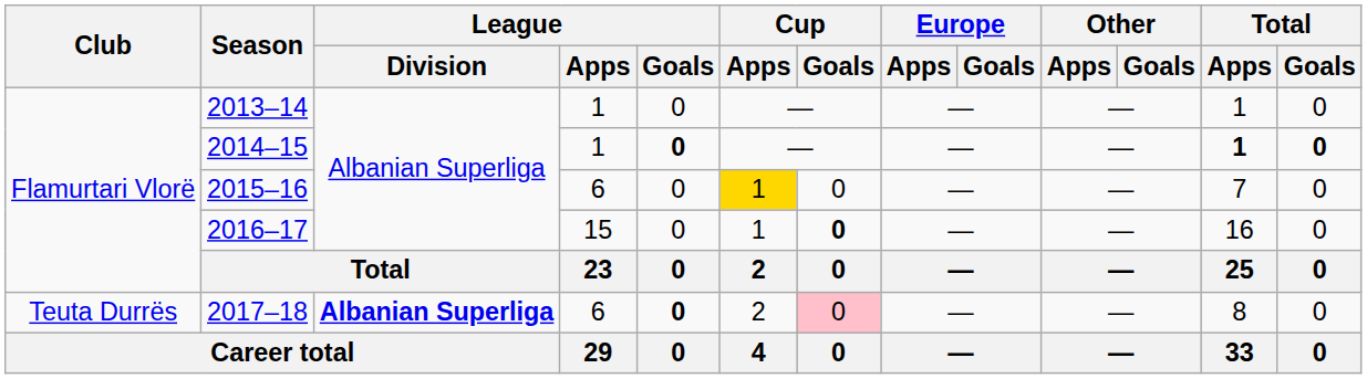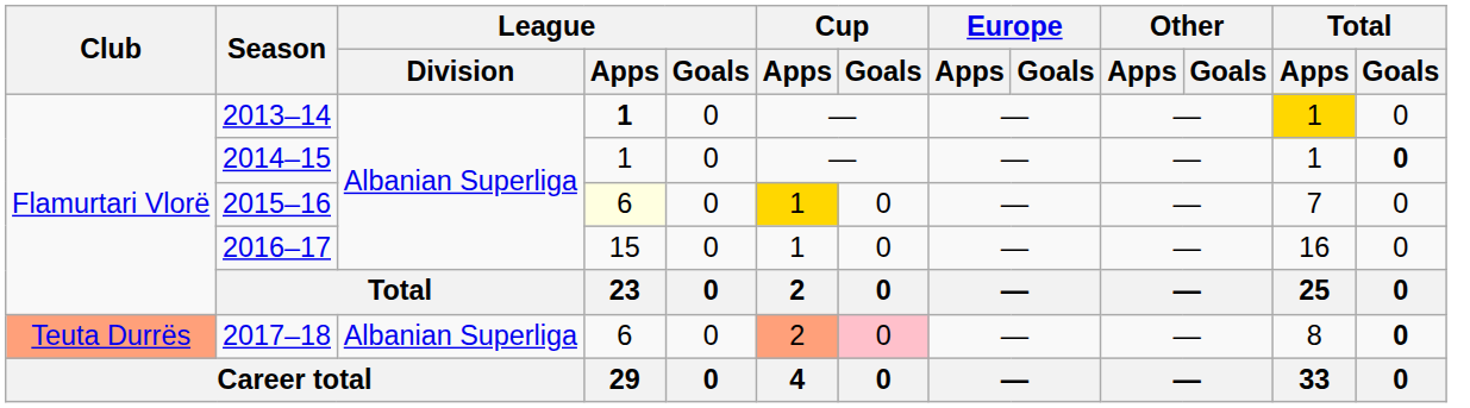 <table class="wikitable" style="text-align:center">
 <tr>
 <th rowspan="2">Club</th>
 <th rowspan="2">Season</th>
 <th colspan="3">League</th>
 <th colspan="2">Cup</th>
 <th colspan="2"><a href='#'>Europe</a></th>
 <th colspan="2">Other</th>
 <th colspan="2">Total</th>
 </tr>
 <tr>
 <th>Division</th>
 <th>Apps</th>
 <th>Goals</th>
 <th>Apps</th>
 <th>Goals</th>
 <th>Apps</th>
 <th>Goals</th>
 <th>Apps</th>
 <th>Goals</th>
 <th>Apps</th>
 <th>Goals</th>
 </tr>
 <tr>
 <td rowspan="5" valign="center"><a href='#'>Flamurtari Vlorë</a></td>
 <td><a href='#'>2013–14</a></td>
 <td rowspan="4"><a href='#'>Albanian Superliga</a></td>
+<td><strong>1</strong></td>
+<td>0</td>
+<td colspan="2">—</td>
+<td colspan="2">—</td>
+<td colspan="2">—</td>
+<td style="background: gold;">1</td>
+<td>0</td>
+</tr>
+<tr>
+<td><a href='#'>2014–15</a></td>
 <td>1</td>
 <td>0</td>
 <td colspan="2">—</td>
 <td colspan="2">—</td>
 <td colspan="2">—</td>
 <td>1</td>
-<td>0</td>
-</tr>
-<tr>
-<td><a href='#'>2014–15</a></td>
-<td>1</td>
-<td><strong>0</strong></td>
-<td colspan="2">—</td>
-<td colspan="2">—</td>
-<td colspan="2">—</td>
-<td><strong>1</strong></td>
 <td><strong>0</strong></td>
 </tr>
 <tr>
 <td><a href='#'>2015–16</a></td>
-<td>6</td>
+<td style="background: lightyellow;">6</td>
 <td>0</td>
 <td style="background: gold;">1</td>
 <td>0</td>
 <td colspan="2">—</td>
 <td colspan="2">—</td>
 <td>7</td>
 <td>0</td>
 </tr>
 <tr>
 <td><a href='#'>2016–17</a></td>
 <td>15</td>
 <td>0</td>
 <td>1</td>
-<td><strong>0</strong></td>
+<td>0</td>
 <td colspan="2">—</td>
 <td colspan="2">—</td>
 <td>16</td>
 <td>0</td>
 </tr>
 <tr>
 <th colspan="2" valign="center">Total</th>
 <th>23</th>
 <th>0</th>
 <th>2</th>
 <th>0</th>
 <th colspan="2">—</th>
 <th colspan="2">—</th>
 <th>25</th>
 <th>0</th>
 </tr>
 <tr>
-<td rowspan="1" valign="center"><a href='#'>Teuta Durrës</a></td>
+<td rowspan="1" valign="center" style="background: lightsalmon;"><a href='#'>Teuta Durrës</a></td>
 <td><a href='#'>2017–18</a></td>
-<td rowspan="1"><strong><a href='#'>Albanian Superliga</a></strong></td>
+<td rowspan="1"><a href='#'>Albanian Superliga</a></td>
 <td>6</td>
-<td><strong>0</strong></td>
-<td>2</td>
+<td>0</td>
+<td style="background: lightsalmon;">2</td>
 <td style="background: pink;">0</td>
 <td colspan="2">—</td>
 <td colspan="2">—</td>
 <td>8</td>
-<td>0</td>
+<td><strong>0</strong></td>
 </tr>
 <tr>
 <th colspan="3">Career total</th>
 <th>29</th>
 <th>0</th>
 <th>4</th>
 <th>0</th>
 <th colspan="2">—</th>
 <th colspan="2">—</th>
 <th>33</th>
 <th>0</th>
 </tr>
 </table>
